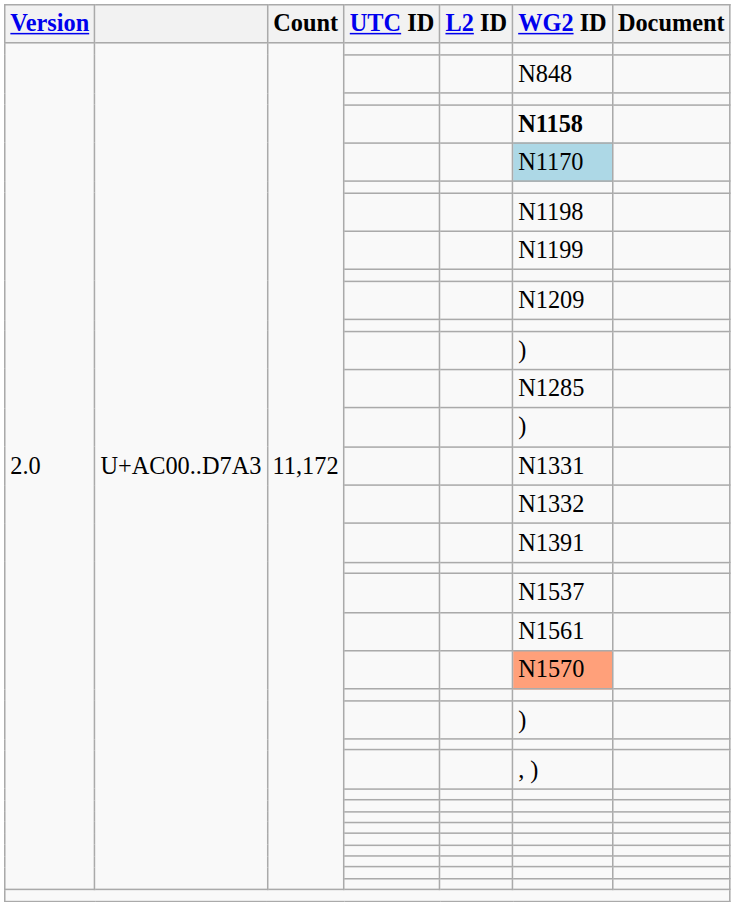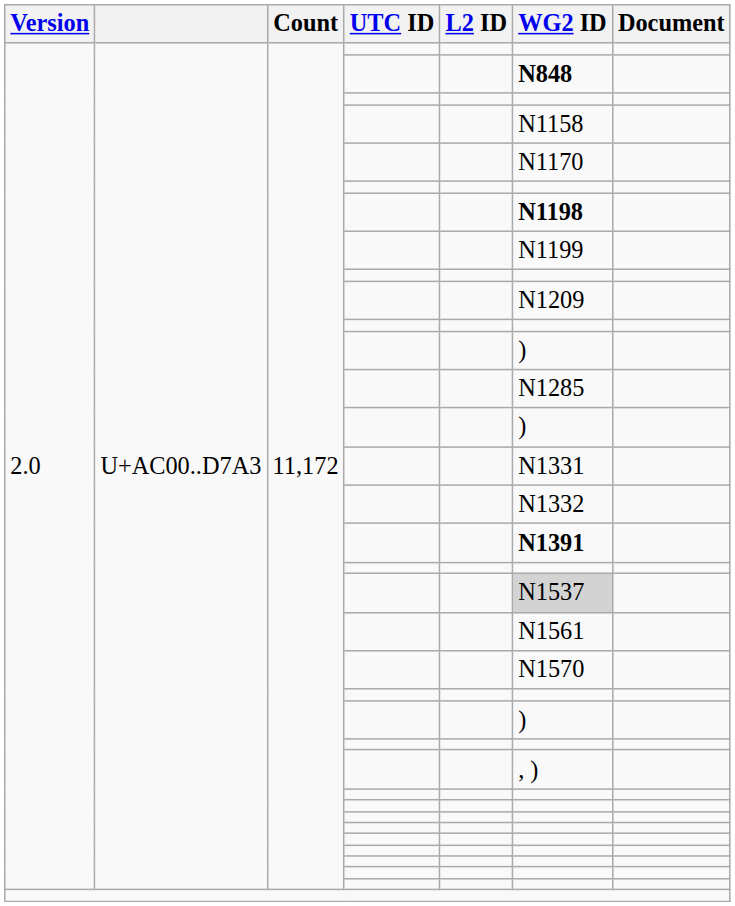 <table class="wikitable collapsible sticky-header">
 <tr>
 <th><a href='#'>Version</a></th>
 <th></th>
 <th>Count</th>
 <th><a href='#'>UTC</a> ID</th>
 <th><a href='#'>L2</a> ID</th>
 <th><a href='#'>WG2</a> ID</th>
 <th>Document</th>
 </tr>
 <tr>
 <td rowspan="34">2.0</td>
 <td rowspan="34">U+AC00..D7A3</td>
 <td rowspan="34">11,172</td>
 <td></td>
 <td></td>
 <td></td>
 <td></td>
 </tr>
 <tr>
 <td></td>
 <td></td>
-<td>N848</td>
+<td><strong>N848</strong></td>
 <td></td>
 </tr>
 <tr>
 <td></td>
 <td></td>
 <td></td>
 <td></td>
 </tr>
 <tr>
 <td></td>
 <td></td>
-<td><strong>N1158</strong></td>
+<td>N1158</td>
 <td></td>
 </tr>
 <tr>
 <td></td>
 <td></td>
-<td style="background: lightblue;">N1170</td>
+<td>N1170</td>
 <td></td>
 </tr>
 <tr>
 <td></td>
 <td></td>
 <td></td>
 <td></td>
 </tr>
 <tr>
 <td></td>
 <td></td>
-<td>N1198</td>
+<td><strong>N1198</strong></td>
 <td></td>
 </tr>
 <tr>
 <td></td>
 <td></td>
 <td>N1199</td>
 <td></td>
 </tr>
 <tr>
 <td></td>
 <td></td>
 <td></td>
 <td></td>
 </tr>
 <tr>
 <td></td>
 <td></td>
 <td>N1209</td>
 <td></td>
 </tr>
 <tr>
 <td></td>
 <td></td>
 <td></td>
 <td></td>
 </tr>
 <tr>
 <td></td>
 <td></td>
 <td> )</td>
 <td></td>
 </tr>
 <tr>
 <td></td>
 <td></td>
 <td>N1285</td>
 <td></td>
 </tr>
 <tr>
 <td></td>
 <td></td>
 <td> )</td>
 <td></td>
 </tr>
 <tr>
 <td></td>
 <td></td>
 <td>N1331</td>
 <td></td>
 </tr>
 <tr>
 <td></td>
 <td></td>
 <td>N1332</td>
 <td></td>
 </tr>
 <tr>
 <td></td>
 <td></td>
-<td>N1391</td>
+<td><strong>N1391</strong></td>
 <td></td>
 </tr>
 <tr>
 <td></td>
 <td></td>
 <td></td>
 <td></td>
 </tr>
 <tr>
 <td></td>
 <td></td>
-<td>N1537</td>
+<td style="background: lightgrey;">N1537</td>
 <td></td>
 </tr>
 <tr>
 <td></td>
 <td></td>
 <td>N1561</td>
 <td></td>
 </tr>
 <tr>
 <td></td>
 <td></td>
-<td style="background: lightsalmon;">N1570</td>
+<td>N1570</td>
 <td></td>
 </tr>
 <tr>
 <td></td>
 <td></td>
 <td></td>
 <td></td>
 </tr>
 <tr>
 <td></td>
 <td></td>
 <td> )</td>
 <td></td>
 </tr>
 <tr>
 <td></td>
 <td></td>
 <td></td>
 <td></td>
 </tr>
 <tr>
 <td></td>
 <td></td>
 <td> , )</td>
 <td></td>
 </tr>
 <tr>
 <td></td>
 <td></td>
 <td></td>
 <td></td>
 </tr>
 <tr>
 <td></td>
 <td></td>
 <td></td>
 <td></td>
 </tr>
 <tr>
 <td></td>
 <td></td>
 <td></td>
 <td></td>
 </tr>
 <tr>
 <td></td>
 <td></td>
 <td></td>
 <td></td>
 </tr>
 <tr>
 <td></td>
 <td></td>
 <td></td>
 <td></td>
 </tr>
 <tr>
 <td></td>
 <td></td>
 <td></td>
 <td></td>
 </tr>
 <tr>
 <td></td>
 <td></td>
 <td></td>
 <td></td>
 </tr>
 <tr>
 <td></td>
 <td></td>
 <td></td>
 <td></td>
 </tr>
 <tr>
 <td></td>
 <td></td>
 <td></td>
 <td></td>
 </tr>
 <tr class="sortbottom">
 <td colspan="7"></td>
 </tr>
 </table>
